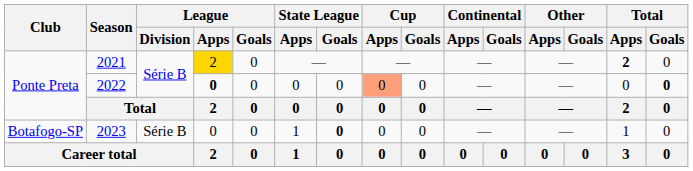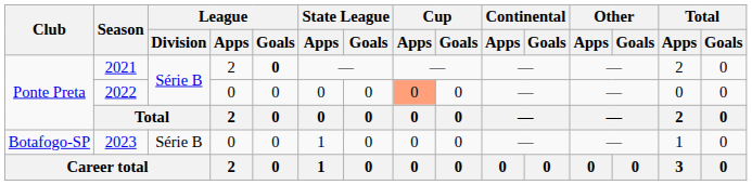 <table class="wikitable" style="text-align: center;">
 <tr>
 <th rowspan="2">Club</th>
 <th rowspan="2">Season</th>
 <th colspan="3">League</th>
 <th colspan="2">State League</th>
 <th colspan="2">Cup</th>
 <th colspan="2">Continental</th>
 <th colspan="2">Other</th>
 <th colspan="2">Total</th>
 </tr>
 <tr>
 <th>Division</th>
 <th>Apps</th>
 <th>Goals</th>
 <th>Apps</th>
 <th>Goals</th>
 <th>Apps</th>
 <th>Goals</th>
 <th>Apps</th>
 <th>Goals</th>
 <th>Apps</th>
 <th>Goals</th>
 <th>Apps</th>
 <th>Goals</th>
 </tr>
 <tr>
 <td rowspan="3" valign="center"><a href='#'>Ponte Preta</a></td>
 <td><a href='#'>2021</a></td>
 <td rowspan="2"><a href='#'>Série B</a></td>
-<td style="background: gold;">2</td>
-<td>0</td>
+<td>2</td>
+<td><strong>0</strong></td>
 <td colspan="2">—</td>
 <td colspan="2">—</td>
 <td colspan="2">—</td>
 <td colspan="2">—</td>
-<td><strong>2</strong></td>
+<td>2</td>
 <td>0</td>
 </tr>
 <tr>
 <td><a href='#'>2022</a></td>
-<td><strong>0</strong></td>
+<td>0</td>
 <td>0</td>
 <td>0</td>
 <td>0</td>
 <td style="background: lightsalmon;">0</td>
 <td>0</td>
 <td colspan="2">—</td>
 <td colspan="2">—</td>
 <td>0</td>
-<td><strong>0</strong></td>
+<td>0</td>
 </tr>
 <tr>
 <th colspan="2">Total</th>
 <th>2</th>
 <th>0</th>
 <th>0</th>
 <th>0</th>
 <th>0</th>
 <th>0</th>
 <th colspan="2">—</th>
 <th colspan="2">—</th>
 <th>2</th>
 <th>0</th>
 </tr>
 <tr>
 <td valign="center"><a href='#'>Botafogo-SP</a></td>
 <td><a href='#'>2023</a></td>
 <td>Série B</td>
 <td>0</td>
 <td>0</td>
 <td>1</td>
-<td><strong>0</strong></td>
+<td>0</td>
 <td>0</td>
 <td>0</td>
 <td colspan="2">—</td>
 <td colspan="2">—</td>
 <td>1</td>
 <td>0</td>
 </tr>
 <tr>
 <th colspan="3"><strong>Career total</strong></th>
 <th>2</th>
 <th>0</th>
 <th>1</th>
 <th>0</th>
 <th>0</th>
 <th>0</th>
 <th>0</th>
 <th>0</th>
 <th>0</th>
 <th>0</th>
 <th>3</th>
 <th>0</th>
 </tr>
 </table>
